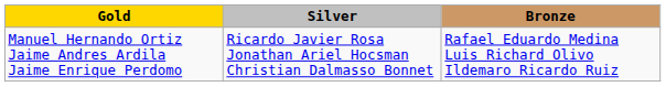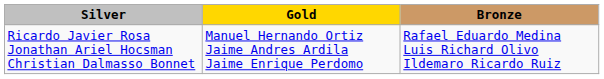 <table class="wikitable" style="text-align:left">
 <tr align="center">
+<td width=200 bgcolor=silver><strong>Silver</strong></td>
 <td width=200 bgcolor=gold><strong>Gold</strong></td>
-<td width=200 bgcolor=silver><strong>Silver</strong></td>
 <td width=200 bgcolor=CC9966><strong>Bronze</strong></td>
 </tr>
 <tr>
+<td><a href='#'>Ricardo Javier Rosa</a><br><a href='#'>Jonathan Ariel Hocsman</a><br><a href='#'>Christian Dalmasso Bonnet</a><br><em></em></td>
 <td><a href='#'>Manuel Hernando Ortiz</a><br><a href='#'>Jaime Andres Ardila</a><br><a href='#'>Jaime Enrique Perdomo</a><br><em></em></td>
-<td><a href='#'>Ricardo Javier Rosa</a><br><a href='#'>Jonathan Ariel Hocsman</a><br><a href='#'>Christian Dalmasso Bonnet</a><br><em></em></td>
 <td><a href='#'>Rafael Eduardo Medina</a><br><a href='#'>Luis Richard Olivo</a><br><a href='#'>Ildemaro Ricardo Ruiz</a><br><em></em></td>
 </tr>
 </table>
